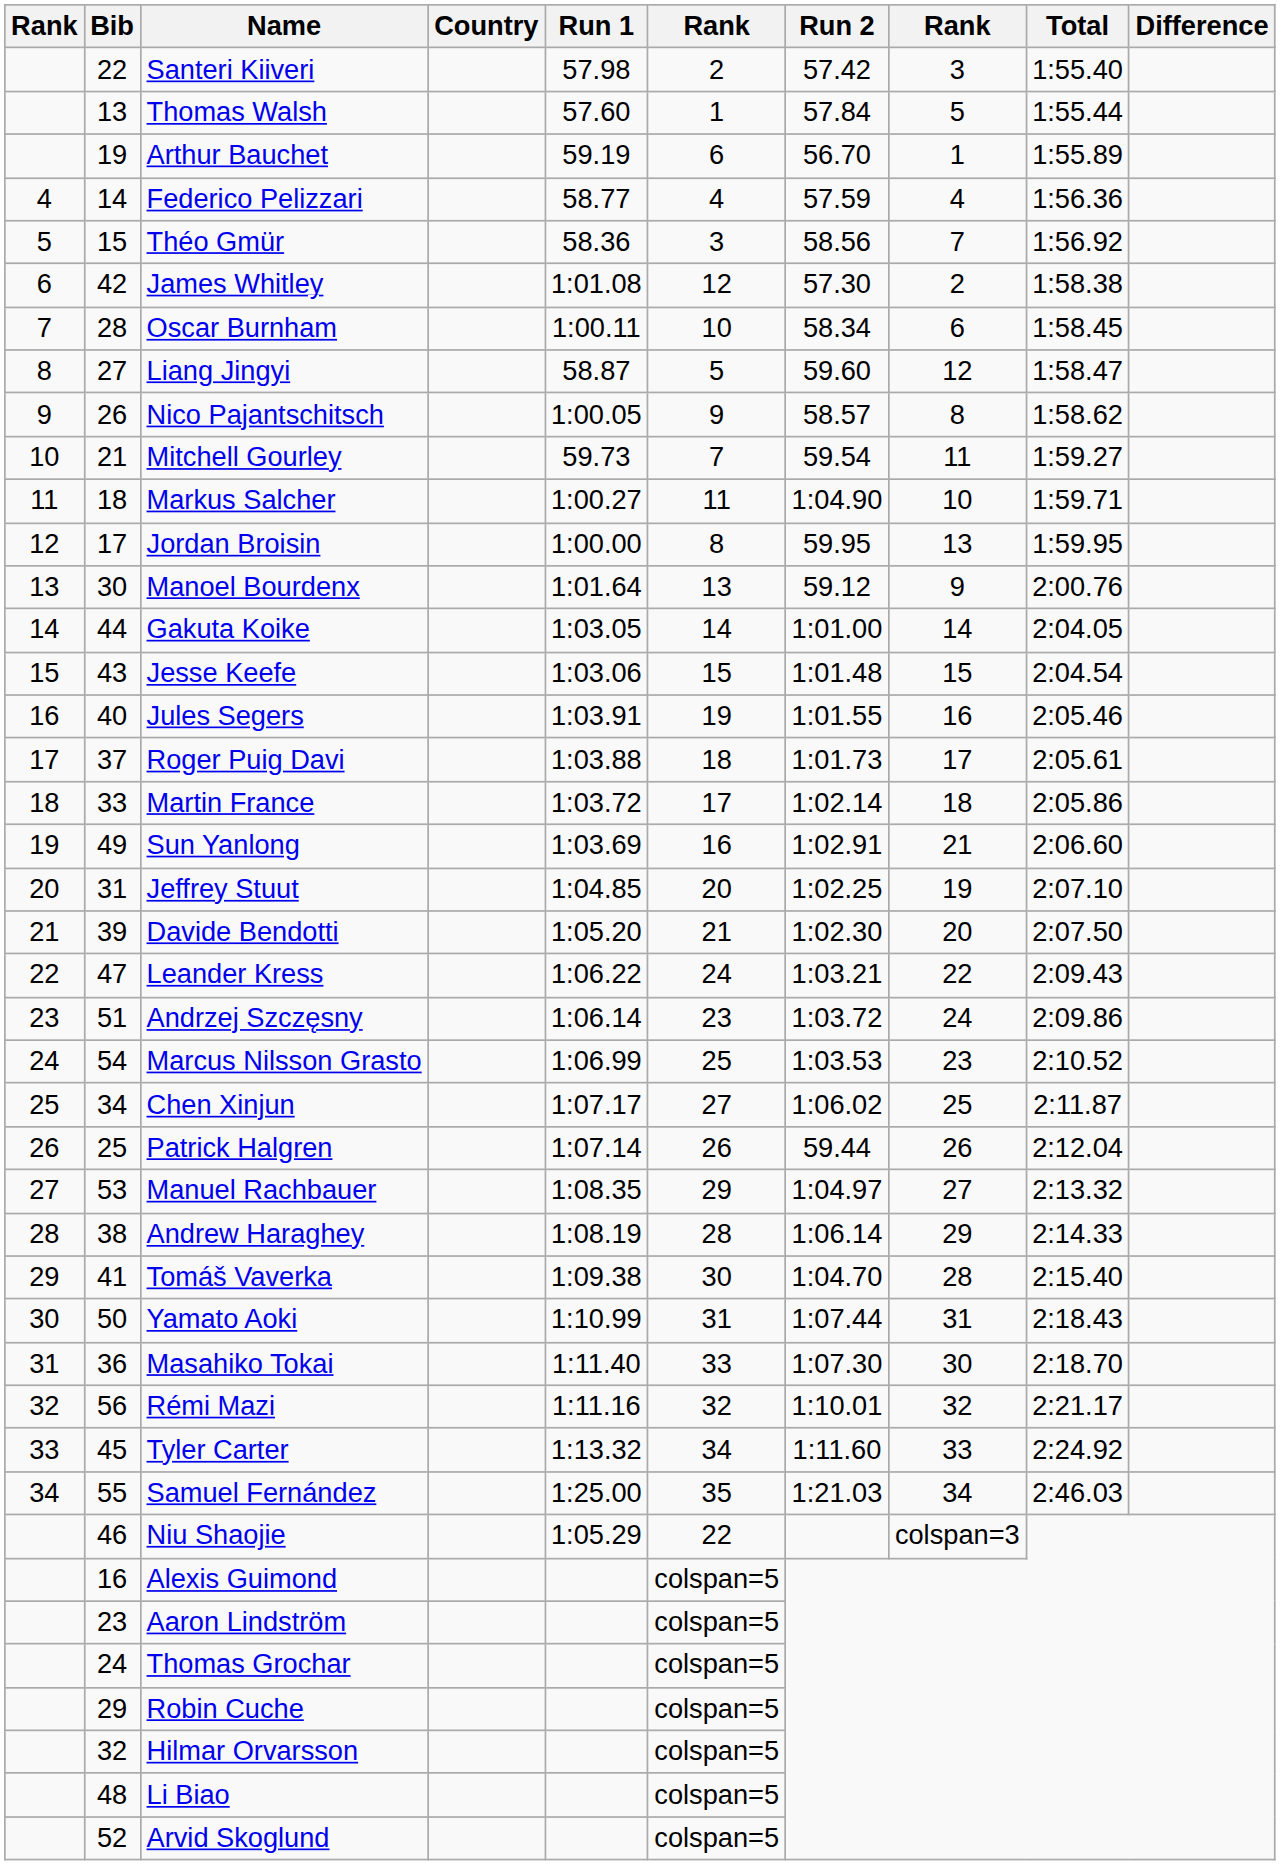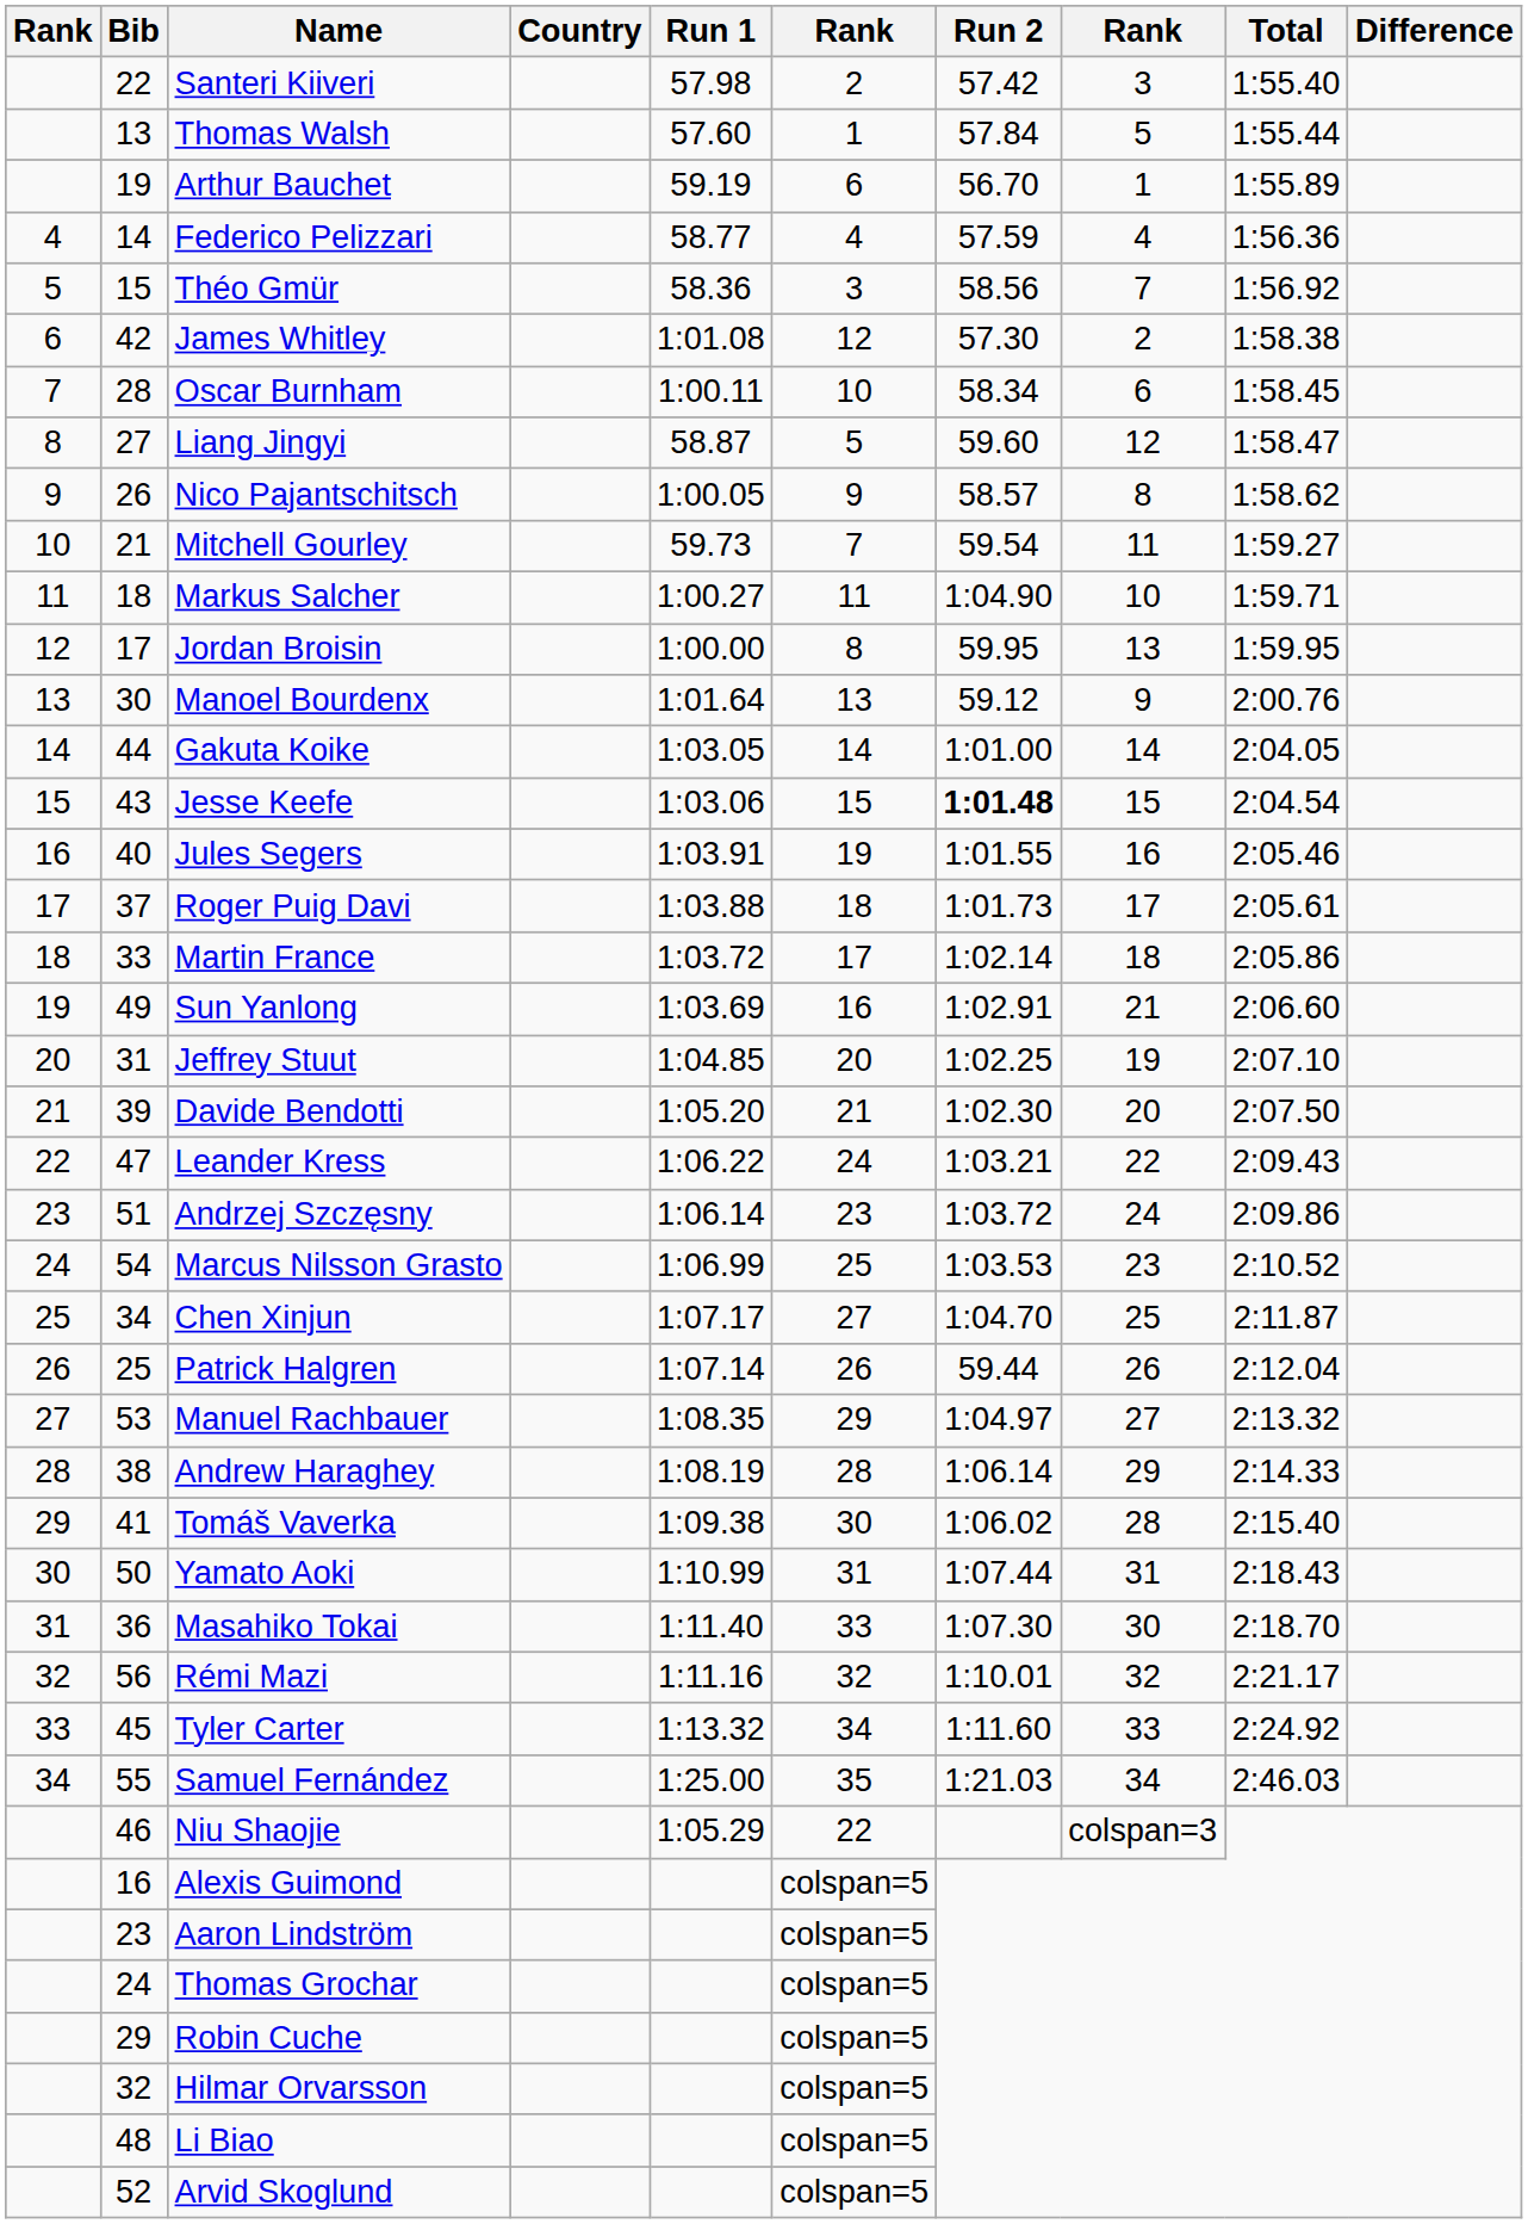 <table class="wikitable sortable" style="text-align:center">
 <tr>
 <th>Rank</th>
 <th>Bib</th>
 <th>Name</th>
 <th>Country</th>
 <th>Run 1</th>
 <th>Rank</th>
 <th>Run 2</th>
 <th>Rank</th>
 <th>Total</th>
 <th>Difference</th>
 </tr>
 <tr>
 <td></td>
 <td>22</td>
 <td align="left"><a href='#'>Santeri Kiiveri</a></td>
 <td align="left"></td>
 <td>57.98</td>
 <td>2</td>
 <td>57.42</td>
 <td>3</td>
 <td>1:55.40</td>
 <td></td>
 </tr>
 <tr>
 <td></td>
 <td>13</td>
 <td align="left"><a href='#'>Thomas Walsh</a></td>
 <td align="left"></td>
 <td>57.60</td>
 <td>1</td>
 <td>57.84</td>
 <td>5</td>
 <td>1:55.44</td>
 <td></td>
 </tr>
 <tr>
 <td></td>
 <td>19</td>
 <td align="left"><a href='#'>Arthur Bauchet</a></td>
 <td align="left"></td>
 <td>59.19</td>
 <td>6</td>
 <td>56.70</td>
 <td>1</td>
 <td>1:55.89</td>
 <td></td>
 </tr>
 <tr>
 <td>4</td>
 <td>14</td>
 <td align="left"><a href='#'>Federico Pelizzari</a></td>
 <td align="left"></td>
 <td>58.77</td>
 <td>4</td>
 <td>57.59</td>
 <td>4</td>
 <td>1:56.36</td>
 <td></td>
 </tr>
 <tr>
 <td>5</td>
 <td>15</td>
 <td align="left"><a href='#'>Théo Gmür</a></td>
 <td align="left"></td>
 <td>58.36</td>
 <td>3</td>
 <td>58.56</td>
 <td>7</td>
 <td>1:56.92</td>
 <td></td>
 </tr>
 <tr>
 <td>6</td>
 <td>42</td>
 <td align="left"><a href='#'>James Whitley</a></td>
 <td align="left"></td>
 <td>1:01.08</td>
 <td>12</td>
 <td>57.30</td>
 <td>2</td>
 <td>1:58.38</td>
 <td></td>
 </tr>
 <tr>
 <td>7</td>
 <td>28</td>
 <td align="left"><a href='#'>Oscar Burnham</a></td>
 <td align="left"></td>
 <td>1:00.11</td>
 <td>10</td>
 <td>58.34</td>
 <td>6</td>
 <td>1:58.45</td>
 <td></td>
 </tr>
 <tr>
 <td>8</td>
 <td>27</td>
 <td align="left"><a href='#'>Liang Jingyi</a></td>
 <td align="left"></td>
 <td>58.87</td>
 <td>5</td>
 <td>59.60</td>
 <td>12</td>
 <td>1:58.47</td>
 <td></td>
 </tr>
 <tr>
 <td>9</td>
 <td>26</td>
 <td align="left"><a href='#'>Nico Pajantschitsch</a></td>
 <td align="left"></td>
 <td>1:00.05</td>
 <td>9</td>
 <td>58.57</td>
 <td>8</td>
 <td>1:58.62</td>
 <td></td>
 </tr>
 <tr>
 <td>10</td>
 <td>21</td>
 <td align="left"><a href='#'>Mitchell Gourley</a></td>
 <td align="left"></td>
 <td>59.73</td>
 <td>7</td>
 <td>59.54</td>
 <td>11</td>
 <td>1:59.27</td>
 <td></td>
 </tr>
 <tr>
 <td>11</td>
 <td>18</td>
 <td align="left"><a href='#'>Markus Salcher</a></td>
 <td align="left"></td>
 <td>1:00.27</td>
 <td>11</td>
 <td>1:04.90</td>
 <td>10</td>
 <td>1:59.71</td>
 <td></td>
 </tr>
 <tr>
 <td>12</td>
 <td>17</td>
 <td align="left"><a href='#'>Jordan Broisin</a></td>
 <td align="left"></td>
 <td>1:00.00</td>
 <td>8</td>
 <td>59.95</td>
 <td>13</td>
 <td>1:59.95</td>
 <td></td>
 </tr>
 <tr>
 <td>13</td>
 <td>30</td>
 <td align="left"><a href='#'>Manoel Bourdenx</a></td>
 <td align="left"></td>
 <td>1:01.64</td>
 <td>13</td>
 <td>59.12</td>
 <td>9</td>
 <td>2:00.76</td>
 <td></td>
 </tr>
 <tr>
 <td>14</td>
 <td>44</td>
 <td align="left"><a href='#'>Gakuta Koike</a></td>
 <td align="left"></td>
 <td>1:03.05</td>
 <td>14</td>
 <td>1:01.00</td>
 <td>14</td>
 <td>2:04.05</td>
 <td></td>
 </tr>
 <tr>
 <td>15</td>
 <td>43</td>
 <td align="left"><a href='#'>Jesse Keefe</a></td>
 <td align="left"></td>
 <td>1:03.06</td>
 <td>15</td>
-<td>1:01.48</td>
+<td><strong>1:01.48</strong></td>
 <td>15</td>
 <td>2:04.54</td>
 <td></td>
 </tr>
 <tr>
 <td>16</td>
 <td>40</td>
 <td align="left"><a href='#'>Jules Segers</a></td>
 <td align="left"></td>
 <td>1:03.91</td>
 <td>19</td>
 <td>1:01.55</td>
 <td>16</td>
 <td>2:05.46</td>
 <td></td>
 </tr>
 <tr>
 <td>17</td>
 <td>37</td>
 <td align="left"><a href='#'>Roger Puig Davi</a></td>
 <td align="left"></td>
 <td>1:03.88</td>
 <td>18</td>
 <td>1:01.73</td>
 <td>17</td>
 <td>2:05.61</td>
 <td></td>
 </tr>
 <tr>
 <td>18</td>
 <td>33</td>
 <td align="left"><a href='#'>Martin France</a></td>
 <td align="left"></td>
 <td>1:03.72</td>
 <td>17</td>
 <td>1:02.14</td>
 <td>18</td>
 <td>2:05.86</td>
 <td></td>
 </tr>
 <tr>
 <td>19</td>
 <td>49</td>
 <td align="left"><a href='#'>Sun Yanlong</a></td>
 <td align="left"></td>
 <td>1:03.69</td>
 <td>16</td>
 <td>1:02.91</td>
 <td>21</td>
 <td>2:06.60</td>
 <td></td>
 </tr>
 <tr>
 <td>20</td>
 <td>31</td>
 <td align="left"><a href='#'>Jeffrey Stuut</a></td>
 <td align="left"></td>
 <td>1:04.85</td>
 <td>20</td>
 <td>1:02.25</td>
 <td>19</td>
 <td>2:07.10</td>
 <td></td>
 </tr>
 <tr>
 <td>21</td>
 <td>39</td>
 <td align="left"><a href='#'>Davide Bendotti</a></td>
 <td align="left"></td>
 <td>1:05.20</td>
 <td>21</td>
 <td>1:02.30</td>
 <td>20</td>
 <td>2:07.50</td>
 <td></td>
 </tr>
 <tr>
 <td>22</td>
 <td>47</td>
 <td align="left"><a href='#'>Leander Kress</a></td>
 <td align="left"></td>
 <td>1:06.22</td>
 <td>24</td>
 <td>1:03.21</td>
 <td>22</td>
 <td>2:09.43</td>
 <td></td>
 </tr>
 <tr>
 <td>23</td>
 <td>51</td>
 <td align="left"><a href='#'>Andrzej Szczęsny</a></td>
 <td align="left"></td>
 <td>1:06.14</td>
 <td>23</td>
 <td>1:03.72</td>
 <td>24</td>
 <td>2:09.86</td>
 <td></td>
 </tr>
 <tr>
 <td>24</td>
 <td>54</td>
 <td align="left"><a href='#'>Marcus Nilsson Grasto</a></td>
 <td align="left"></td>
 <td>1:06.99</td>
 <td>25</td>
 <td>1:03.53</td>
 <td>23</td>
 <td>2:10.52</td>
 <td></td>
 </tr>
 <tr>
 <td>25</td>
 <td>34</td>
 <td align="left"><a href='#'>Chen Xinjun</a></td>
 <td align="left"></td>
 <td>1:07.17</td>
 <td>27</td>
-<td>1:06.02</td>
+<td>1:04.70</td>
 <td>25</td>
 <td>2:11.87</td>
 <td></td>
 </tr>
 <tr>
 <td>26</td>
 <td>25</td>
 <td align="left"><a href='#'>Patrick Halgren</a></td>
 <td align="left"></td>
 <td>1:07.14</td>
 <td>26</td>
 <td>59.44</td>
 <td>26</td>
 <td>2:12.04</td>
 <td></td>
 </tr>
 <tr>
 <td>27</td>
 <td>53</td>
 <td align="left"><a href='#'>Manuel Rachbauer</a></td>
 <td align="left"></td>
 <td>1:08.35</td>
 <td>29</td>
 <td>1:04.97</td>
 <td>27</td>
 <td>2:13.32</td>
 <td></td>
 </tr>
 <tr>
 <td>28</td>
 <td>38</td>
 <td align="left"><a href='#'>Andrew Haraghey</a></td>
 <td align="left"></td>
 <td>1:08.19</td>
 <td>28</td>
 <td>1:06.14</td>
 <td>29</td>
 <td>2:14.33</td>
 <td></td>
 </tr>
 <tr>
 <td>29</td>
 <td>41</td>
 <td align="left"><a href='#'>Tomáš Vaverka</a></td>
 <td align="left"></td>
 <td>1:09.38</td>
 <td>30</td>
-<td>1:04.70</td>
+<td>1:06.02</td>
 <td>28</td>
 <td>2:15.40</td>
 <td></td>
 </tr>
 <tr>
 <td>30</td>
 <td>50</td>
 <td align="left"><a href='#'>Yamato Aoki</a></td>
 <td align="left"></td>
 <td>1:10.99</td>
 <td>31</td>
 <td>1:07.44</td>
 <td>31</td>
 <td>2:18.43</td>
 <td></td>
 </tr>
 <tr>
 <td>31</td>
 <td>36</td>
 <td align="left"><a href='#'>Masahiko Tokai</a></td>
 <td align="left"></td>
 <td>1:11.40</td>
 <td>33</td>
 <td>1:07.30</td>
 <td>30</td>
 <td>2:18.70</td>
 <td></td>
 </tr>
 <tr>
 <td>32</td>
 <td>56</td>
 <td align="left"><a href='#'>Rémi Mazi</a></td>
 <td align="left"></td>
 <td>1:11.16</td>
 <td>32</td>
 <td>1:10.01</td>
 <td>32</td>
 <td>2:21.17</td>
 <td></td>
 </tr>
 <tr>
 <td>33</td>
 <td>45</td>
 <td align="left"><a href='#'>Tyler Carter</a></td>
 <td align="left"></td>
 <td>1:13.32</td>
 <td>34</td>
 <td>1:11.60</td>
 <td>33</td>
 <td>2:24.92</td>
 <td></td>
 </tr>
 <tr>
 <td>34</td>
 <td>55</td>
 <td align="left"><a href='#'>Samuel Fernández</a></td>
 <td align="left"></td>
 <td>1:25.00</td>
 <td>35</td>
 <td>1:21.03</td>
 <td>34</td>
 <td>2:46.03</td>
 <td></td>
 </tr>
 <tr>
 <td></td>
 <td>46</td>
 <td align="left"><a href='#'>Niu Shaojie</a></td>
 <td align="left"></td>
 <td>1:05.29</td>
 <td>22</td>
 <td></td>
 <td>colspan=3 </td>
 </tr>
 <tr>
 <td></td>
 <td>16</td>
 <td align="left"><a href='#'>Alexis Guimond</a></td>
 <td align="left"></td>
 <td></td>
 <td>colspan=5 </td>
 </tr>
 <tr>
 <td></td>
 <td>23</td>
 <td align="left"><a href='#'>Aaron Lindström</a></td>
 <td align="left"></td>
 <td></td>
 <td>colspan=5 </td>
 </tr>
 <tr>
 <td></td>
 <td>24</td>
 <td align="left"><a href='#'>Thomas Grochar</a></td>
 <td align="left"></td>
 <td></td>
 <td>colspan=5 </td>
 </tr>
 <tr>
 <td></td>
 <td>29</td>
 <td align="left"><a href='#'>Robin Cuche</a></td>
 <td align="left"></td>
 <td></td>
 <td>colspan=5 </td>
 </tr>
 <tr>
 <td></td>
 <td>32</td>
 <td align="left"><a href='#'>Hilmar Orvarsson</a></td>
 <td align="left"></td>
 <td></td>
 <td>colspan=5 </td>
 </tr>
 <tr>
 <td></td>
 <td>48</td>
 <td align="left"><a href='#'>Li Biao</a></td>
 <td align="left"></td>
 <td></td>
 <td>colspan=5 </td>
 </tr>
 <tr>
 <td></td>
 <td>52</td>
 <td align="left"><a href='#'>Arvid Skoglund</a></td>
 <td align="left"></td>
 <td></td>
 <td>colspan=5 </td>
 </tr>
 </table>
